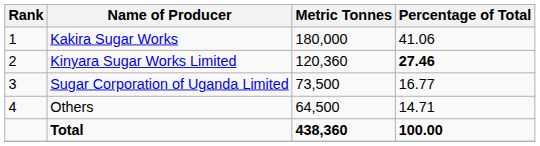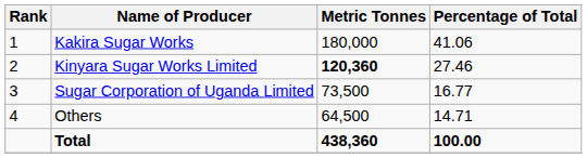 <table class="wikitable sortable" style="margin: 0.5em auto">
 <tr>
 <th>Rank</th>
 <th>Name of Producer</th>
 <th>Metric Tonnes</th>
 <th>Percentage of Total</th>
 </tr>
 <tr>
 <td>1</td>
 <td><a href='#'>Kakira Sugar Works</a></td>
 <td>180,000</td>
 <td>41.06</td>
 </tr>
 <tr>
 <td>2</td>
 <td><a href='#'>Kinyara Sugar Works Limited</a></td>
-<td>120,360</td>
-<td><strong>27.46</strong></td>
+<td><strong>120,360</strong></td>
+<td>27.46</td>
 </tr>
 <tr>
 <td>3</td>
 <td><a href='#'>Sugar Corporation of Uganda Limited</a></td>
 <td>73,500</td>
 <td>16.77</td>
 </tr>
 <tr>
 <td>4</td>
 <td>Others</td>
 <td>64,500</td>
 <td>14.71</td>
 </tr>
 <tr>
 <td></td>
 <td><strong>Total</strong></td>
 <td><strong>438,360</strong></td>
 <td><strong>100.00</strong></td>
 </tr>
 <tr>
 </tr>
 </table>
